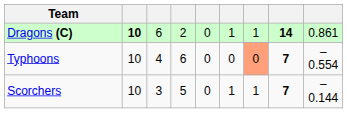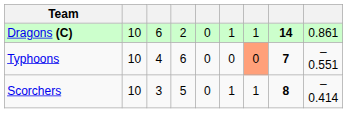 <table class="wikitable" style="text-align:center">
 <tr>
 <th width="150">Team</th>
 <th width="25"></th>
 <th width="25"></th>
 <th width="25"></th>
 <th width="25"></th>
 <th width="25"></th>
 <th width="25"></th>
 <th width="40"></th>
 <th width="45"></th>
 </tr>
 <tr style="background:#cfc">
 <td style="text-align:left"><a href='#'>Dragons</a> <strong>(C)</strong></td>
-<td><strong>10</strong></td>
+<td>10</td>
 <td>6</td>
 <td>2</td>
 <td>0</td>
 <td>1</td>
 <td>1</td>
 <td><strong>14</strong></td>
 <td>0.861</td>
 </tr>
 <tr>
 <td style="text-align:left"><a href='#'>Typhoons</a></td>
 <td>10</td>
 <td>4</td>
 <td>6</td>
 <td>0</td>
 <td>0</td>
 <td style="background: lightsalmon;">0</td>
 <td><strong>7</strong></td>
-<td>–0.554</td>
+<td>–0.551</td>
 </tr>
 <tr>
 <td style="text-align:left"><a href='#'>Scorchers</a></td>
 <td>10</td>
 <td>3</td>
 <td>5</td>
 <td>0</td>
 <td>1</td>
 <td>1</td>
-<td><strong>7</strong></td>
-<td>–0.144</td>
+<td><strong>8</strong></td>
+<td>–0.414</td>
 </tr>
 </table>
